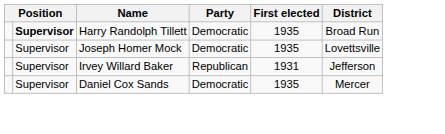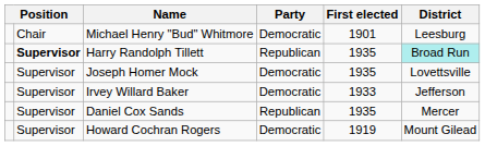 <table class="wikitable">
 <tr>
 <th colspan="2">Position</th>
 <th>Name</th>
 <th>Party</th>
 <th>First elected</th>
 <th>District</th>
 </tr>
 <tr>
 <td style="background-color:"> </td>
+<td>Chair</td>
+<td>Michael Henry "Bud" Whitmore</td>
+<td style="text-align:center;">Democratic</td>
+<td style="text-align:center;">1901</td>
+<td style="text-align:center;">Leesburg</td>
+</tr>
+<tr>
+<td style="background-color:"> </td>
 <td><strong>Supervisor</strong></td>
 <td>Harry Randolph Tillett</td>
-<td style="text-align:center;">Democratic</td>
+<td style="text-align:center;">Republican</td>
 <td style="text-align:center;">1935</td>
-<td style="text-align:center;">Broad Run</td>
+<td style="background: paleturquoise; text-align:center;">Broad Run</td>
 </tr>
 <tr>
 <td style="background-color:"> </td>
 <td>Supervisor</td>
 <td>Joseph Homer Mock</td>
 <td style="text-align:center;">Democratic</td>
 <td style="text-align:center;">1935</td>
 <td style="text-align:center;">Lovettsville</td>
 </tr>
 <tr>
 <td style="background-color:"> </td>
 <td>Supervisor</td>
 <td>Irvey Willard Baker</td>
-<td style="text-align:center;">Republican</td>
-<td style="text-align:center;">1931</td>
+<td style="text-align:center;">Democratic</td>
+<td style="text-align:center;">1933</td>
 <td style="text-align:center;">Jefferson</td>
 </tr>
 <tr>
 <td style="background-color:"> </td>
 <td>Supervisor</td>
 <td>Daniel Cox Sands</td>
-<td style="text-align:center;">Democratic</td>
+<td style="text-align:center;">Republican</td>
 <td style="text-align:center;">1935</td>
 <td style="text-align:center;">Mercer</td>
 </tr>
+<tr>
+<td style="background-color:"> </td>
+<td>Supervisor</td>
+<td>Howard Cochran Rogers</td>
+<td style="text-align:center;">Democratic</td>
+<td style="text-align:center;">1919</td>
+<td style="text-align:center;">Mount Gilead</td>
+</tr>
 </table>
